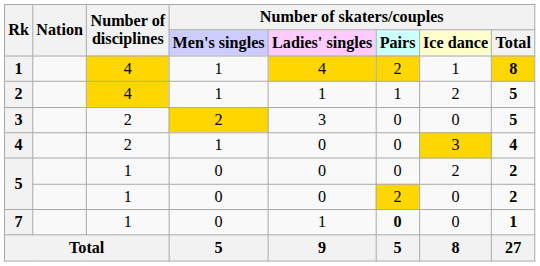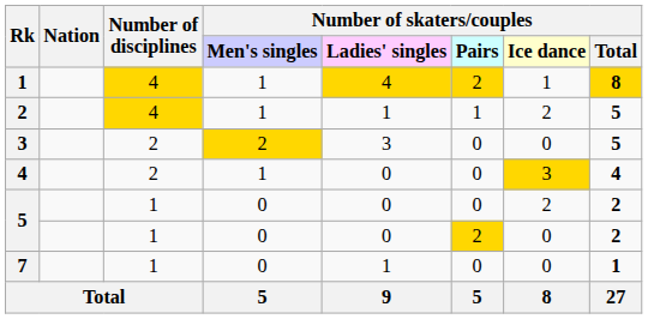 <table class="wikitable sortable" style="text-align: center;">
 <tr>
 <th rowspan="2">Rk</th>
 <th rowspan="2">Nation</th>
 <th rowspan="2">Number of<br>disciplines</th>
 <th colspan="5">Number of skaters/couples</th>
 </tr>
 <tr>
 <th style="background-color: #ccf;">Men's singles</th>
 <th style="background-color: #fcf;">Ladies' singles</th>
 <th style="background-color: #cff;">Pairs</th>
 <th style="background-color: #ffc;">Ice dance</th>
 <th>Total</th>
 </tr>
 <tr>
 <th>1</th>
 <td></td>
 <td style="background-color: gold;">4</td>
 <td>1</td>
 <td style="background-color: gold;">4</td>
 <td style="background-color: gold;">2</td>
 <td>1</td>
 <td style="background-color: gold;"><strong>8</strong></td>
 </tr>
 <tr>
 <th>2</th>
 <td></td>
 <td style="background-color: gold;">4</td>
 <td>1</td>
 <td>1</td>
 <td>1</td>
 <td>2</td>
 <td><strong>5</strong></td>
 </tr>
 <tr>
 <th>3</th>
 <td></td>
 <td>2</td>
 <td style="background-color: gold;">2</td>
 <td>3</td>
 <td>0</td>
 <td>0</td>
 <td><strong>5</strong></td>
 </tr>
 <tr>
 <th>4</th>
 <td></td>
 <td>2</td>
 <td>1</td>
 <td>0</td>
 <td>0</td>
 <td style="background-color: gold;">3</td>
 <td><strong>4</strong></td>
 </tr>
 <tr>
 <th rowspan="2">5</th>
 <td></td>
 <td>1</td>
 <td>0</td>
 <td>0</td>
 <td>0</td>
 <td>2</td>
 <td><strong>2</strong></td>
 </tr>
 <tr>
 <td></td>
 <td>1</td>
 <td>0</td>
 <td>0</td>
 <td style="background-color: gold;">2</td>
 <td>0</td>
 <td><strong>2</strong></td>
 </tr>
 <tr>
 <th>7</th>
 <td></td>
 <td>1</td>
 <td>0</td>
 <td>1</td>
-<td><strong>0</strong></td>
+<td>0</td>
 <td>0</td>
 <td><strong>1</strong></td>
 </tr>
 <tr class="sortbottom">
 <th colspan="3">Total</th>
 <th>5</th>
 <th>9</th>
 <th>5</th>
 <th>8</th>
 <th>27</th>
 </tr>
 </table>
